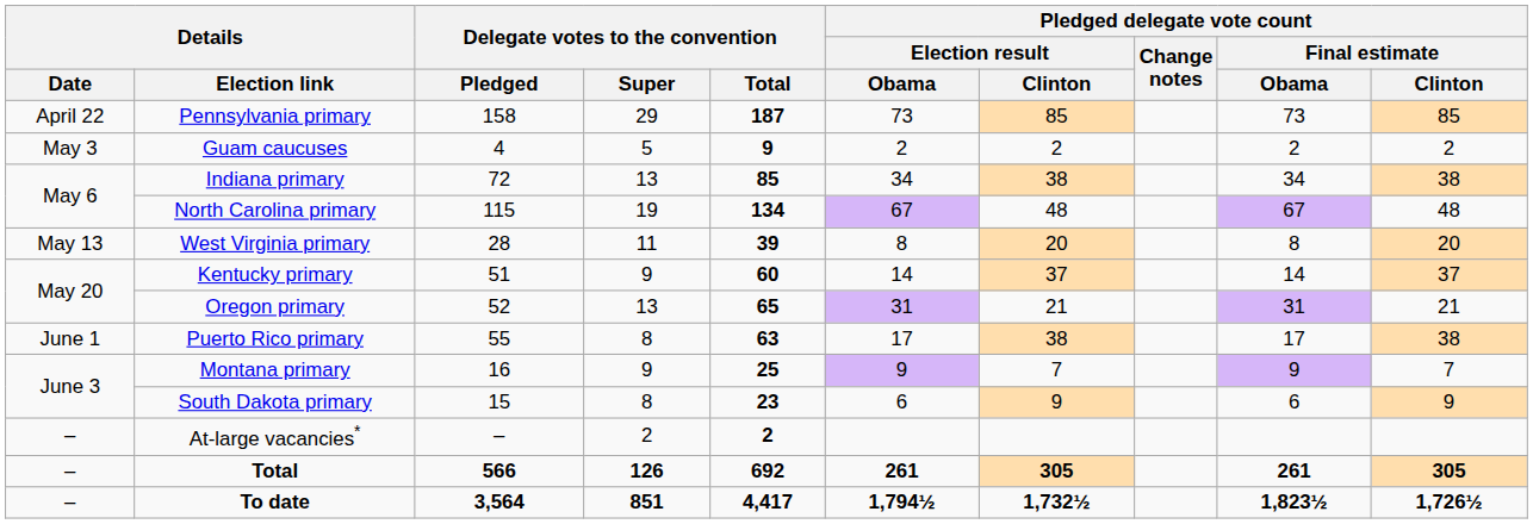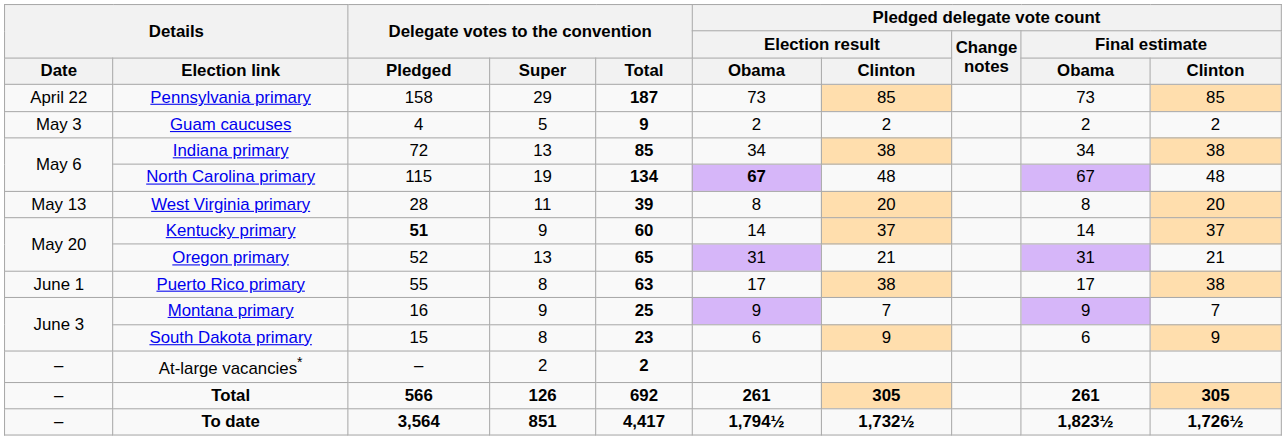 <table class="wikitable" style="text-align:center;margin-bottom:0">
 <tr>
 <th rowspan="2" colspan="2" style="width:20em">Details</th>
 <th rowspan="2" colspan="3" style="width:20em">Delegate votes to the convention</th>
 <th colspan="6">Pledged delegate vote count</th>
 </tr>
 <tr>
 <th colspan="2" style="width:15em">Election result</th>
 <th rowspan="2">Change<br>notes</th>
 <th colspan="2" style="width:15em">Final estimate</th>
 </tr>
 <tr>
 <th style="width:6em">Date</th>
 <th>Election link</th>
 <th>Pledged</th>
 <th>Super</th>
 <th>Total</th>
 <th>Obama</th>
 <th>Clinton</th>
 <th>Obama</th>
 <th>Clinton</th>
 </tr>
 <tr>
 <td>April 22</td>
 <td><a href='#'>Pennsylvania primary</a></td>
 <td>158</td>
 <td>29</td>
 <td><strong>187</strong></td>
 <td>73</td>
 <td style="background:#ffdead;">85</td>
 <td></td>
 <td>73</td>
 <td style="background:#ffdead;">85</td>
 </tr>
 <tr>
 <td>May 3</td>
 <td><a href='#'>Guam caucuses</a></td>
 <td>4</td>
 <td>5</td>
 <td><strong>9</strong></td>
 <td>2</td>
 <td>2</td>
 <td></td>
 <td>2</td>
 <td>2</td>
 </tr>
 <tr>
 <td rowspan="2">May 6</td>
 <td><a href='#'>Indiana primary</a></td>
 <td>72</td>
 <td>13</td>
 <td><strong>85</strong></td>
 <td>34</td>
 <td style="background:#ffdead;">38</td>
 <td></td>
 <td>34</td>
 <td style="background:#ffdead;">38</td>
 </tr>
 <tr>
 <td><a href='#'>North Carolina primary</a></td>
 <td>115</td>
 <td>19</td>
 <td><strong>134</strong></td>
-<td style="background:#d6b6f9;">67</td>
+<td style="background:#d6b6f9;"><strong>67</strong></td>
 <td>48</td>
 <td></td>
 <td style="background:#d6b6f9;">67</td>
 <td>48</td>
 </tr>
 <tr>
 <td>May 13</td>
 <td><a href='#'>West Virginia primary</a></td>
 <td>28</td>
 <td>11</td>
 <td><strong>39</strong></td>
 <td>8</td>
 <td style="background:#ffdead;">20</td>
 <td></td>
 <td>8</td>
 <td style="background:#ffdead;">20</td>
 </tr>
 <tr>
 <td rowspan="2">May 20</td>
 <td><a href='#'>Kentucky primary</a></td>
-<td>51</td>
+<td><strong>51</strong></td>
 <td>9</td>
 <td><strong>60</strong></td>
 <td>14</td>
 <td style="background:#ffdead;">37</td>
 <td></td>
 <td>14</td>
 <td style="background:#ffdead;">37</td>
 </tr>
 <tr>
 <td><a href='#'>Oregon primary</a></td>
 <td>52</td>
 <td>13</td>
 <td><strong>65</strong></td>
 <td style="background:#d6b6f9;">31</td>
 <td>21</td>
 <td></td>
 <td style="background:#d6b6f9;">31</td>
 <td>21</td>
 </tr>
 <tr>
 <td>June 1</td>
 <td><a href='#'>Puerto Rico primary</a></td>
 <td>55</td>
 <td>8</td>
 <td><strong>63</strong></td>
 <td>17</td>
 <td style="background:#ffdead;">38</td>
 <td></td>
 <td>17</td>
 <td style="background:#ffdead;">38</td>
 </tr>
 <tr>
 <td rowspan="2">June 3</td>
 <td><a href='#'>Montana primary</a></td>
 <td>16</td>
 <td>9</td>
 <td><strong>25</strong></td>
 <td style="background:#d6b6f9;">9</td>
 <td>7</td>
 <td></td>
 <td style="background:#d6b6f9;">9</td>
 <td>7</td>
 </tr>
 <tr>
 <td><a href='#'>South Dakota primary</a></td>
 <td>15</td>
 <td>8</td>
 <td><strong>23</strong></td>
 <td>6</td>
 <td style="background:#ffdead;">9</td>
 <td></td>
 <td>6</td>
 <td style="background:#ffdead;">9</td>
 </tr>
 <tr>
 <td>–</td>
 <td>At-large vacancies<sup>*</sup></td>
 <td>–</td>
 <td>2</td>
 <td><strong>2</strong></td>
 <td></td>
 <td></td>
 <td></td>
 <td></td>
 <td></td>
 </tr>
 <tr>
 <td>–</td>
 <td><strong>Total</strong></td>
 <td><strong>566</strong></td>
 <td><strong>126</strong></td>
 <td><strong>692</strong></td>
 <td><strong>261</strong></td>
 <td style="background:#ffdead;"><strong>305</strong></td>
 <td></td>
 <td><strong>261</strong></td>
 <td style="background:#ffdead;"><strong>305</strong></td>
 </tr>
 <tr>
 <td>–</td>
 <td><strong>To date</strong></td>
 <td><strong>3,564</strong></td>
 <td><strong>851</strong></td>
 <td><strong>4,417</strong></td>
 <td><strong>1,794½</strong></td>
 <td><strong>1,732½</strong></td>
 <td></td>
 <td><strong>1,823½</strong></td>
 <td><strong>1,726½</strong></td>
 </tr>
 </table>
